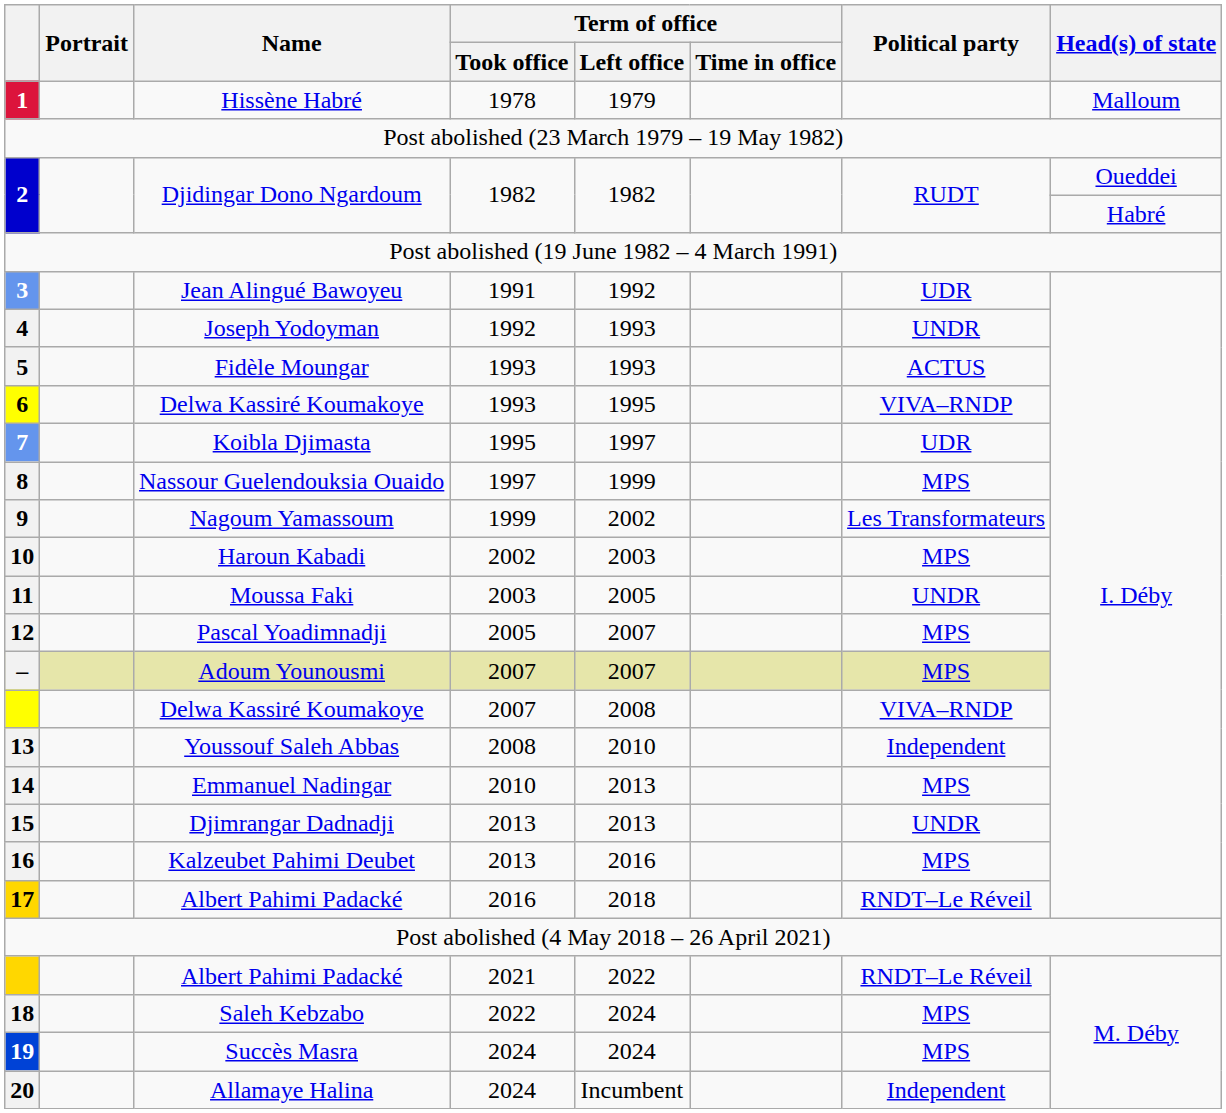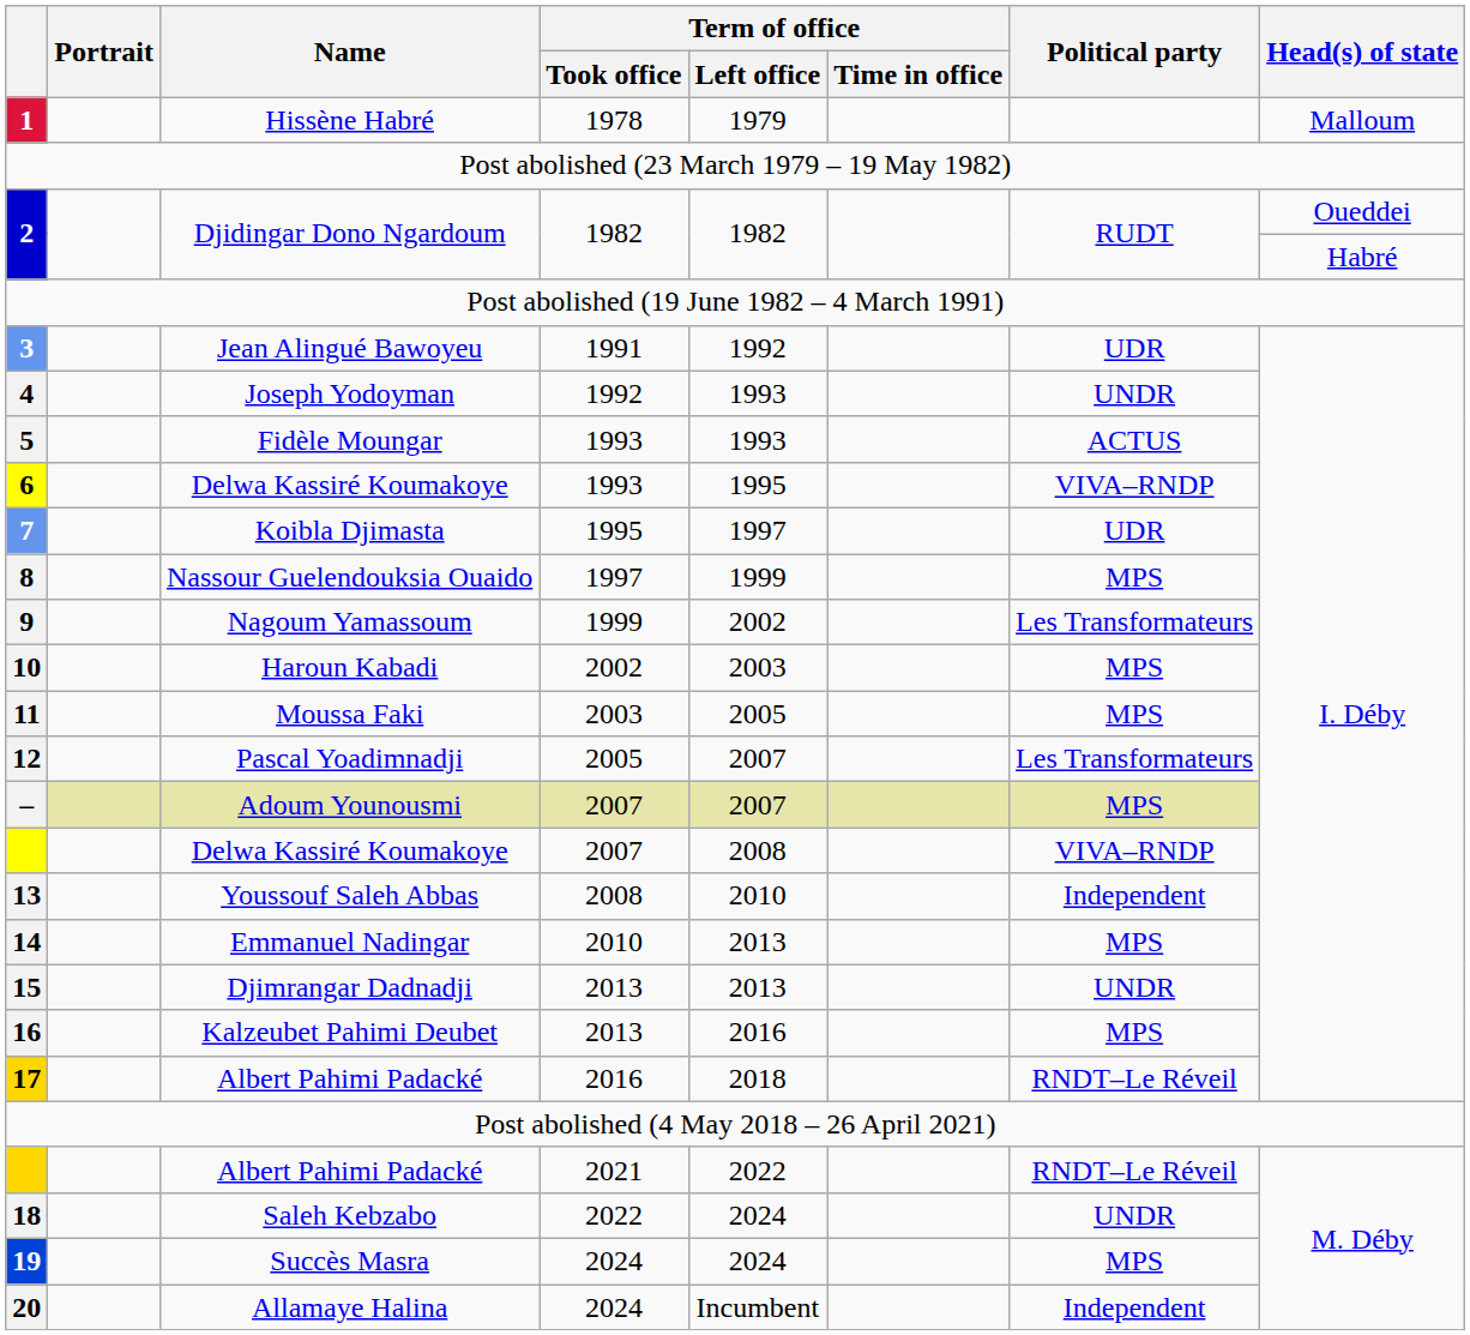 <table class="wikitable" style="text-align:center">
 <tr>
 <th rowspan="2"></th>
 <th rowspan="2">Portrait</th>
 <th rowspan="2">Name<br></th>
 <th colspan="3">Term of office</th>
 <th rowspan="2">Political party</th>
 <th rowspan="2"><a href='#'>Head(s) of state</a></th>
 </tr>
 <tr>
 <th>Took office</th>
 <th>Left office</th>
 <th>Time in office</th>
 </tr>
 <tr>
 <th style="background:Crimson; color:white;">1</th>
 <td></td>
 <td><a href='#'>Hissène Habré</a><br></td>
 <td> 1978</td>
 <td> 1979<br></td>
 <td></td>
 <td></td>
 <td><a href='#'>Malloum</a></td>
 </tr>
 <tr>
 <td colspan="8">Post abolished (23 March 1979 – 19 May 1982)</td>
 </tr>
 <tr>
 <th rowspan="2" style="background:MediumBlue; color:white;">2</th>
 <td rowspan="2"></td>
 <td rowspan="2"><a href='#'>Djidingar Dono Ngardoum</a><br></td>
 <td rowspan="2"> 1982</td>
 <td rowspan="2"> 1982</td>
 <td rowspan="2"></td>
 <td rowspan="2"><a href='#'>RUDT</a></td>
 <td><a href='#'>Oueddei</a></td>
 </tr>
 <tr>
 <td><a href='#'>Habré</a></td>
 </tr>
 <tr>
 <td colspan="8">Post abolished (19 June 1982 – 4 March 1991)</td>
 </tr>
 <tr>
 <th style="background:CornflowerBlue; color:white;">3</th>
 <td></td>
 <td><a href='#'>Jean Alingué Bawoyeu</a><br></td>
 <td> 1991</td>
 <td> 1992</td>
 <td></td>
 <td><a href='#'>UDR</a></td>
 <td rowspan="17"><a href='#'>I. Déby</a></td>
 </tr>
 <tr>
 <th style="background:">4</th>
 <td></td>
 <td><a href='#'>Joseph Yodoyman</a><br></td>
 <td> 1992</td>
 <td> 1993</td>
 <td></td>
 <td><a href='#'>UNDR</a></td>
 </tr>
 <tr>
 <th style="background:">5</th>
 <td></td>
 <td><a href='#'>Fidèle Moungar</a><br></td>
 <td> 1993</td>
 <td> 1993</td>
 <td></td>
 <td><a href='#'>ACTUS</a></td>
 </tr>
 <tr>
 <th style="background:Yellow; color:black;">6</th>
 <td></td>
 <td><a href='#'>Delwa Kassiré Koumakoye</a><br></td>
 <td> 1993</td>
 <td> 1995</td>
 <td></td>
 <td><a href='#'>VIVA–RNDP</a></td>
 </tr>
 <tr>
 <th style="background:CornflowerBlue; color:white;">7</th>
 <td></td>
 <td><a href='#'>Koibla Djimasta</a><br></td>
 <td> 1995</td>
 <td> 1997</td>
 <td></td>
 <td><a href='#'>UDR</a></td>
 </tr>
 <tr>
 <th style="background:">8</th>
 <td></td>
 <td><a href='#'>Nassour Guelendouksia Ouaido</a><br></td>
 <td> 1997</td>
 <td> 1999</td>
 <td></td>
 <td><a href='#'>MPS</a></td>
 </tr>
 <tr>
 <th style="background:">9</th>
 <td></td>
 <td><a href='#'>Nagoum Yamassoum</a><br></td>
 <td> 1999</td>
 <td> 2002</td>
 <td></td>
 <td><a href='#'>Les Transformateurs</a></td>
 </tr>
 <tr>
 <th style="background:">10</th>
 <td></td>
 <td><a href='#'>Haroun Kabadi</a><br></td>
 <td> 2002</td>
 <td> 2003</td>
 <td></td>
 <td><a href='#'>MPS</a></td>
 </tr>
 <tr>
 <th style="background:">11</th>
 <td></td>
 <td><a href='#'>Moussa Faki</a><br></td>
 <td> 2003</td>
 <td> 2005</td>
 <td></td>
-<td><a href='#'>UNDR</a></td>
+<td><a href='#'>MPS</a></td>
 </tr>
 <tr>
 <th style="background:">12</th>
 <td></td>
 <td><a href='#'>Pascal Yoadimnadji</a><br></td>
 <td> 2005</td>
 <td> 2007</td>
 <td></td>
-<td><a href='#'>MPS</a></td>
+<td><a href='#'>Les Transformateurs</a></td>
 </tr>
 <tr style="background:#e6e6aa;">
 <th style="background:">–</th>
 <td></td>
 <td><a href='#'>Adoum Younousmi</a><br></td>
 <td> 2007</td>
 <td> 2007</td>
 <td></td>
 <td><a href='#'>MPS</a></td>
 </tr>
 <tr>
 <th style="background:Yellow; color:black;"></th>
 <td></td>
 <td><a href='#'>Delwa Kassiré Koumakoye</a><br></td>
 <td> 2007</td>
 <td> 2008</td>
 <td></td>
 <td><a href='#'>VIVA–RNDP</a></td>
 </tr>
 <tr>
 <th style="background:">13</th>
 <td></td>
 <td><a href='#'>Youssouf Saleh Abbas</a><br></td>
 <td> 2008</td>
 <td> 2010</td>
 <td></td>
 <td><a href='#'>Independent</a></td>
 </tr>
 <tr>
 <th style="background:">14</th>
 <td></td>
 <td><a href='#'>Emmanuel Nadingar</a><br></td>
 <td> 2010</td>
 <td> 2013</td>
 <td></td>
 <td><a href='#'>MPS</a></td>
 </tr>
 <tr>
 <th style="background:">15</th>
 <td></td>
 <td><a href='#'>Djimrangar Dadnadji</a><br></td>
 <td> 2013</td>
 <td> 2013</td>
 <td></td>
 <td><a href='#'>UNDR</a></td>
 </tr>
 <tr>
 <th style="background:">16</th>
 <td></td>
 <td><a href='#'>Kalzeubet Pahimi Deubet</a><br></td>
 <td> 2013</td>
 <td> 2016</td>
 <td></td>
 <td><a href='#'>MPS</a></td>
 </tr>
 <tr>
 <th style="background:Gold; color:black;">17</th>
 <td></td>
 <td><a href='#'>Albert Pahimi Padacké</a><br></td>
 <td> 2016</td>
 <td> 2018</td>
 <td></td>
 <td><a href='#'>RNDT–Le Réveil</a></td>
 </tr>
 <tr>
 <td colspan="8">Post abolished (4 May 2018 – 26 April 2021)</td>
 </tr>
 <tr>
 <th style="background:Gold; color:black;"></th>
 <td></td>
 <td><a href='#'>Albert Pahimi Padacké</a><br></td>
 <td> 2021</td>
 <td> 2022</td>
 <td></td>
 <td><a href='#'>RNDT–Le Réveil</a></td>
 <td rowspan="4"><a href='#'>M. Déby</a></td>
 </tr>
 <tr>
 <th style="background:">18</th>
 <td></td>
 <td><a href='#'>Saleh Kebzabo</a><br></td>
 <td> 2022</td>
 <td> 2024</td>
 <td></td>
-<td><a href='#'>MPS</a></td>
+<td><a href='#'>UNDR</a></td>
 </tr>
 <tr>
 <th style="background:#0042D6; color:white;">19</th>
 <td></td>
 <td><a href='#'>Succès Masra</a><br></td>
 <td> 2024</td>
 <td> 2024</td>
 <td></td>
 <td><a href='#'>MPS</a></td>
 </tr>
 <tr>
 <th style="background:">20</th>
 <td></td>
 <td><a href='#'>Allamaye Halina</a><br></td>
 <td> 2024</td>
 <td>Incumbent</td>
 <td></td>
 <td><a href='#'>Independent</a></td>
 </tr>
 </table>
